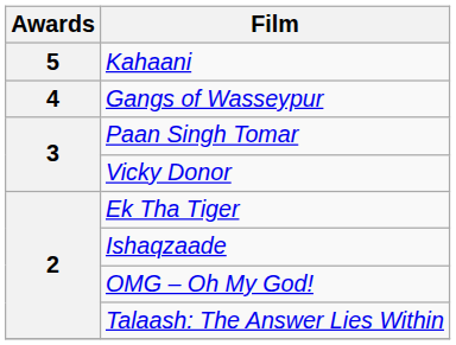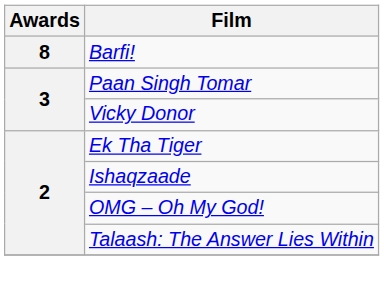 <table class="wikitable" style="display:inline-table;">
 <tr>
 <th>Awards</th>
 <th>Film</th>
 </tr>
 <tr>
-<th>5</th>
-<td><em><a href='#'>Kahaani</a></em></td>
-</tr>
-<tr>
-<th>4</th>
-<td><em><a href='#'>Gangs of Wasseypur</a></em></td>
+<th>8</th>
+<td><em><a href='#'>Barfi!</a></em></td>
 </tr>
 <tr>
 <th rowspan="2">3</th>
 <td><em><a href='#'>Paan Singh Tomar</a></em></td>
 </tr>
 <tr>
 <td><em><a href='#'>Vicky Donor</a></em></td>
 </tr>
 <tr>
 <th rowspan="4">2</th>
 <td><em><a href='#'>Ek Tha Tiger</a></em></td>
 </tr>
 <tr>
 <td><em><a href='#'>Ishaqzaade</a></em></td>
 </tr>
 <tr>
 <td><em><a href='#'>OMG – Oh My God!</a></em></td>
 </tr>
 <tr>
 <td><em><a href='#'>Talaash: The Answer Lies Within</a></em></td>
 </tr>
 <tr>
 </tr>
 </table>
